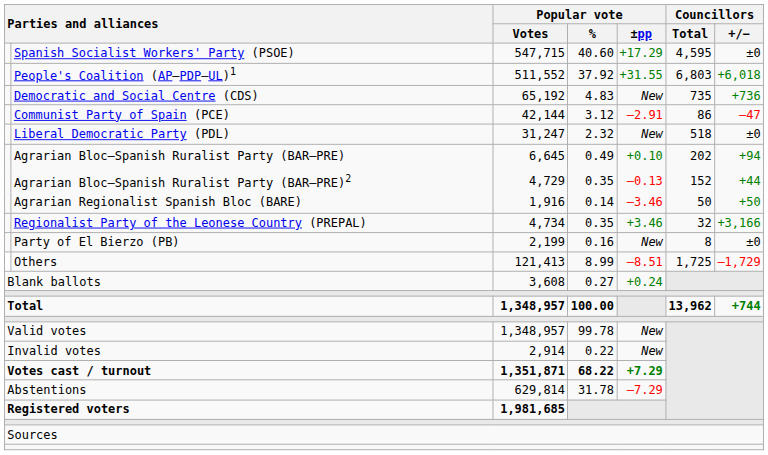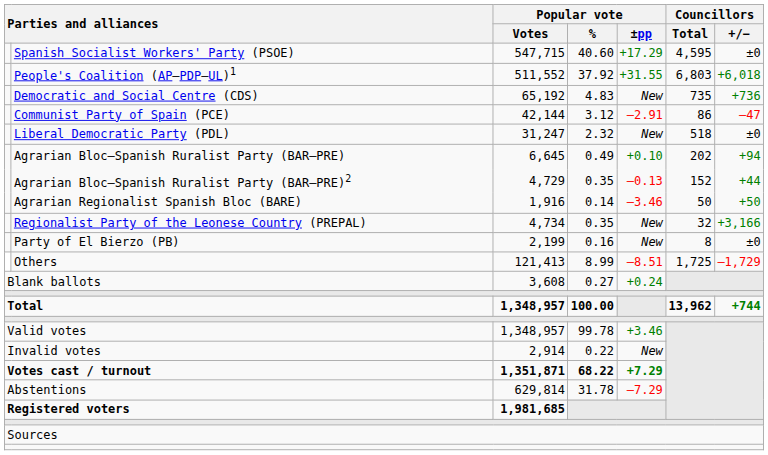 <table class="wikitable" style="text-align:right;">
 <tr>
 <th style="text-align:left;" rowspan="2" colspan="2" width="525">Parties and alliances</th>
 <th colspan="3">Popular vote</th>
 <th colspan="2">Councillors</th>
 </tr>
 <tr>
 <th width="75">Votes</th>
 <th width="45">%</th>
 <th width="45">±<a href='#'>pp</a></th>
 <th width="45">Total</th>
 <th width="45">+/−</th>
 </tr>
 <tr>
 <td width="1" style="color:inherit;background:"></td>
 <td align="left"><a href='#'>Spanish Socialist Workers' Party</a> (PSOE)</td>
 <td>547,715</td>
 <td>40.60</td>
 <td style="color:green;">+17.29</td>
 <td>4,595</td>
 <td>±0</td>
 </tr>
 <tr>
 <td width="1" style="color:inherit;background:"></td>
 <td align="left"><a href='#'>People's Coalition</a> (<a href='#'>AP</a>–<a href='#'>PDP</a>–<a href='#'>UL</a>)<sup>1</sup></td>
 <td>511,552</td>
 <td>37.92</td>
 <td style="color:green;">+31.55</td>
 <td>6,803</td>
 <td style="color:green;">+6,018</td>
 </tr>
 <tr>
 <td style="color:inherit;background:"></td>
 <td align="left"><a href='#'>Democratic and Social Centre</a> (CDS)</td>
 <td>65,192</td>
 <td>4.83</td>
 <td><em>New</em></td>
 <td>735</td>
 <td style="color:green;">+736</td>
 </tr>
 <tr>
 <td style="color:inherit;background:"></td>
 <td align="left"><a href='#'>Communist Party of Spain</a> (PCE)</td>
 <td>42,144</td>
 <td>3.12</td>
 <td style="color:red;">–2.91</td>
 <td>86</td>
 <td style="color:red;">–47</td>
 </tr>
 <tr>
 <td style="color:inherit;background:"></td>
 <td align="left"><a href='#'>Liberal Democratic Party</a> (PDL)</td>
 <td>31,247</td>
 <td>2.32</td>
 <td><em>New</em></td>
 <td>518</td>
 <td>±0</td>
 </tr>
 <tr style="line-height:22px;">
 <td rowspan="3" style="color:inherit;background:"></td>
 <td align="left">Agrarian Bloc–Spanish Ruralist Party (BAR–PRE)</td>
 <td>6,645</td>
 <td>0.49</td>
 <td style="color:green;">+0.10</td>
 <td>202</td>
 <td style="color:green;">+94</td>
 </tr>
 <tr style="border-bottom-style:hidden; border-top-style:hidden; line-height:16px;">
 <td align="left"><span>Agrarian Bloc–Spanish Ruralist Party (BAR–PRE)<sup>2</sup></span></td>
 <td>4,729</td>
 <td>0.35</td>
 <td style="color:red;">–0.13</td>
 <td>152</td>
 <td style="color:green;">+44</td>
 </tr>
 <tr style="line-height:16px;">
 <td align="left"><span>Agrarian Regionalist Spanish Bloc (BARE)</span></td>
 <td>1,916</td>
 <td>0.14</td>
 <td style="color:red;">–3.46</td>
 <td>50</td>
 <td style="color:green;">+50</td>
 </tr>
 <tr>
 <td style="color:inherit;background:"></td>
 <td align="left"><a href='#'>Regionalist Party of the Leonese Country</a> (PREPAL)</td>
 <td>4,734</td>
 <td>0.35</td>
-<td style="color:green;">+3.46</td>
+<td><em>New</em></td>
 <td>32</td>
 <td style="color:green;">+3,166</td>
 </tr>
 <tr>
 <td style="color:inherit;background:"></td>
 <td align="left">Party of El Bierzo (PB)</td>
 <td>2,199</td>
 <td>0.16</td>
 <td><em>New</em></td>
 <td>8</td>
 <td>±0</td>
 </tr>
 <tr>
 <td bgcolor="white"></td>
 <td align="left">Others</td>
 <td>121,413</td>
 <td>8.99</td>
 <td style="color:red;">–8.51</td>
 <td>1,725</td>
 <td style="color:red;">–1,729</td>
 </tr>
 <tr>
 <td align="left" colspan="2">Blank ballots</td>
 <td>3,608</td>
 <td>0.27</td>
 <td style="color:green;">+0.24</td>
 <td bgcolor="#E9E9E9" colspan="2"></td>
 </tr>
 <tr>
 <td colspan="7" bgcolor="#E9E9E9"></td>
 </tr>
 <tr style="font-weight:bold;">
 <td align="left" colspan="2">Total</td>
 <td>1,348,957</td>
 <td>100.00</td>
 <td bgcolor="#E9E9E9"></td>
 <td>13,962</td>
 <td style="color:green;">+744</td>
 </tr>
 <tr>
 <td colspan="7" bgcolor="#E9E9E9"></td>
 </tr>
 <tr>
 <td align="left" colspan="2">Valid votes</td>
 <td>1,348,957</td>
 <td>99.78</td>
-<td><em>New</em></td>
+<td style="color:green;">+3.46</td>
 <td bgcolor="#E9E9E9" colspan="2" rowspan="5"></td>
 </tr>
 <tr>
 <td align="left" colspan="2">Invalid votes</td>
 <td>2,914</td>
 <td>0.22</td>
 <td><em>New</em></td>
 </tr>
 <tr style="font-weight:bold;">
 <td align="left" colspan="2">Votes cast / turnout</td>
 <td>1,351,871</td>
 <td>68.22</td>
 <td style="color:green;">+7.29</td>
 </tr>
 <tr>
 <td align="left" colspan="2">Abstentions</td>
 <td>629,814</td>
 <td>31.78</td>
 <td style="color:red;">–7.29</td>
 </tr>
 <tr style="font-weight:bold;">
 <td align="left" colspan="2">Registered voters</td>
 <td>1,981,685</td>
 <td bgcolor="#E9E9E9" colspan="2"></td>
 </tr>
 <tr>
 <td colspan="7" bgcolor="#E9E9E9"></td>
 </tr>
 <tr>
 <td align="left" colspan="7">Sources</td>
 </tr>
 <tr>
 <td colspan="7" style="text-align:left; max-width:790px;"></td>
 </tr>
 </table>
